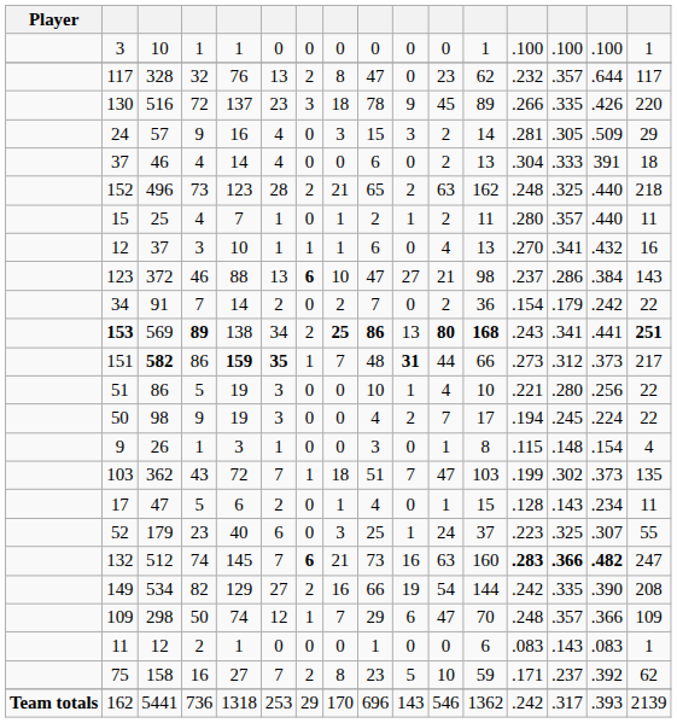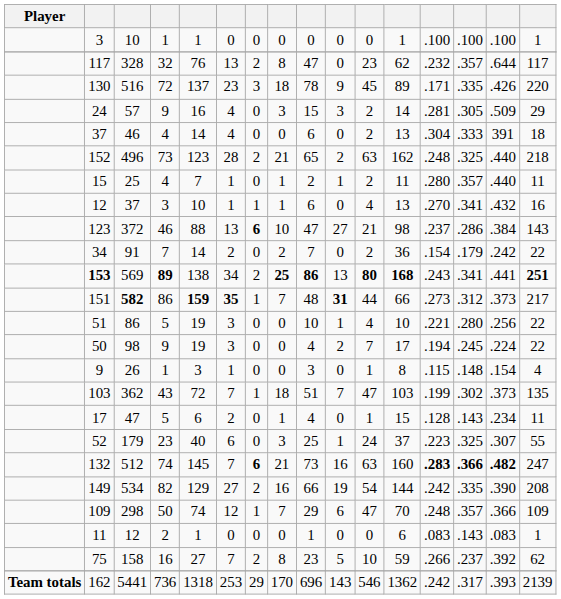 <table class="wikitable sortable" style="text-align:center;">
 <tr>
 <th>Player</th>
 <th></th>
 <th></th>
 <th></th>
 <th></th>
 <th></th>
 <th></th>
 <th></th>
 <th></th>
 <th></th>
 <th></th>
 <th></th>
 <th></th>
 <th></th>
 <th></th>
 <th></th>
 </tr>
 <tr>
 <td align=left></td>
 <td>3</td>
 <td>10</td>
 <td>1</td>
 <td>1</td>
 <td>0</td>
 <td>0</td>
 <td>0</td>
 <td>0</td>
 <td>0</td>
 <td>0</td>
 <td>1</td>
 <td>.100</td>
 <td>.100</td>
 <td>.100</td>
 <td>1</td>
 </tr>
 <tr>
 </tr>
 <tr>
 <td align=left></td>
 <td>117</td>
 <td>328</td>
 <td>32</td>
 <td>76</td>
 <td>13</td>
 <td>2</td>
 <td>8</td>
 <td>47</td>
 <td>0</td>
 <td>23</td>
 <td>62</td>
 <td>.232</td>
 <td>.357</td>
 <td>.644</td>
 <td>117</td>
 </tr>
 <tr>
 <td align=left></td>
 <td>130</td>
 <td>516</td>
 <td>72</td>
 <td>137</td>
 <td>23</td>
 <td>3</td>
 <td>18</td>
 <td>78</td>
 <td>9</td>
 <td>45</td>
 <td>89</td>
-<td>.266</td>
+<td>.171</td>
 <td>.335</td>
 <td>.426</td>
 <td>220</td>
 </tr>
 <tr>
 <td align=left></td>
 <td>24</td>
 <td>57</td>
 <td>9</td>
 <td>16</td>
 <td>4</td>
 <td>0</td>
 <td>3</td>
 <td>15</td>
 <td>3</td>
 <td>2</td>
 <td>14</td>
 <td>.281</td>
 <td>.305</td>
 <td>.509</td>
 <td>29</td>
 </tr>
 <tr>
 <td align=left></td>
 <td>37</td>
 <td>46</td>
 <td>4</td>
 <td>14</td>
 <td>4</td>
 <td>0</td>
 <td>0</td>
 <td>6</td>
 <td>0</td>
 <td>2</td>
 <td>13</td>
 <td>.304</td>
 <td>.333</td>
 <td>391</td>
 <td>18</td>
 </tr>
 <tr>
 <td align=left></td>
 <td>152</td>
 <td>496</td>
 <td>73</td>
 <td>123</td>
 <td>28</td>
 <td>2</td>
 <td>21</td>
 <td>65</td>
 <td>2</td>
 <td>63</td>
 <td>162</td>
 <td>.248</td>
 <td>.325</td>
 <td>.440</td>
 <td>218</td>
 </tr>
 <tr>
 <td align=left></td>
 <td>15</td>
 <td>25</td>
 <td>4</td>
 <td>7</td>
 <td>1</td>
 <td>0</td>
 <td>1</td>
 <td>2</td>
 <td>1</td>
 <td>2</td>
 <td>11</td>
 <td>.280</td>
 <td>.357</td>
 <td>.440</td>
 <td>11</td>
 </tr>
 <tr>
 <td align=left></td>
 <td>12</td>
 <td>37</td>
 <td>3</td>
 <td>10</td>
 <td>1</td>
 <td>1</td>
 <td>1</td>
 <td>6</td>
 <td>0</td>
 <td>4</td>
 <td>13</td>
 <td>.270</td>
 <td>.341</td>
 <td>.432</td>
 <td>16</td>
 </tr>
 <tr>
 <td align=left></td>
 <td>123</td>
 <td>372</td>
 <td>46</td>
 <td>88</td>
 <td>13</td>
 <td><strong>6</strong></td>
 <td>10</td>
 <td>47</td>
 <td>27</td>
 <td>21</td>
 <td>98</td>
 <td>.237</td>
 <td>.286</td>
 <td>.384</td>
 <td>143</td>
 </tr>
 <tr>
 <td align=left></td>
 <td>34</td>
 <td>91</td>
 <td>7</td>
 <td>14</td>
 <td>2</td>
 <td>0</td>
 <td>2</td>
 <td>7</td>
 <td>0</td>
 <td>2</td>
 <td>36</td>
 <td>.154</td>
 <td>.179</td>
 <td>.242</td>
 <td>22</td>
 </tr>
 <tr>
 <td align=left></td>
 <td><strong>153</strong></td>
 <td>569</td>
 <td><strong>89</strong></td>
 <td>138</td>
 <td>34</td>
 <td>2</td>
 <td><strong>25</strong></td>
 <td><strong>86</strong></td>
 <td>13</td>
 <td><strong>80</strong></td>
 <td><strong>168</strong></td>
 <td>.243</td>
 <td>.341</td>
 <td>.441</td>
 <td><strong>251</strong></td>
 </tr>
 <tr>
 <td align=left></td>
 <td>151</td>
 <td><strong>582</strong></td>
 <td>86</td>
 <td><strong>159</strong></td>
 <td><strong>35</strong></td>
 <td>1</td>
 <td>7</td>
 <td>48</td>
 <td><strong>31</strong></td>
 <td>44</td>
 <td>66</td>
 <td>.273</td>
 <td>.312</td>
 <td>.373</td>
 <td>217</td>
 </tr>
 <tr>
 <td align=left></td>
 <td>51</td>
 <td>86</td>
 <td>5</td>
 <td>19</td>
 <td>3</td>
 <td>0</td>
 <td>0</td>
 <td>10</td>
 <td>1</td>
 <td>4</td>
 <td>10</td>
 <td>.221</td>
 <td>.280</td>
 <td>.256</td>
 <td>22</td>
 </tr>
 <tr>
 <td align=left></td>
 <td>50</td>
 <td>98</td>
 <td>9</td>
 <td>19</td>
 <td>3</td>
 <td>0</td>
 <td>0</td>
 <td>4</td>
 <td>2</td>
 <td>7</td>
 <td>17</td>
 <td>.194</td>
 <td>.245</td>
 <td>.224</td>
 <td>22</td>
 </tr>
 <tr>
 <td align=left></td>
 <td>9</td>
 <td>26</td>
 <td>1</td>
 <td>3</td>
 <td>1</td>
 <td>0</td>
 <td>0</td>
 <td>3</td>
 <td>0</td>
 <td>1</td>
 <td>8</td>
 <td>.115</td>
 <td>.148</td>
 <td>.154</td>
 <td>4</td>
 </tr>
 <tr>
 <td align=left></td>
 <td>103</td>
 <td>362</td>
 <td>43</td>
 <td>72</td>
 <td>7</td>
 <td>1</td>
 <td>18</td>
 <td>51</td>
 <td>7</td>
 <td>47</td>
 <td>103</td>
 <td>.199</td>
 <td>.302</td>
 <td>.373</td>
 <td>135</td>
 </tr>
 <tr>
 <td align=left></td>
 <td>17</td>
 <td>47</td>
 <td>5</td>
 <td>6</td>
 <td>2</td>
 <td>0</td>
 <td>1</td>
 <td>4</td>
 <td>0</td>
 <td>1</td>
 <td>15</td>
 <td>.128</td>
 <td>.143</td>
 <td>.234</td>
 <td>11</td>
 </tr>
 <tr>
 <td align=left></td>
 <td>52</td>
 <td>179</td>
 <td>23</td>
 <td>40</td>
 <td>6</td>
 <td>0</td>
 <td>3</td>
 <td>25</td>
 <td>1</td>
 <td>24</td>
 <td>37</td>
 <td>.223</td>
 <td>.325</td>
 <td>.307</td>
 <td>55</td>
 </tr>
 <tr>
 <td align=left></td>
 <td>132</td>
 <td>512</td>
 <td>74</td>
 <td>145</td>
 <td>7</td>
 <td><strong>6</strong></td>
 <td>21</td>
 <td>73</td>
 <td>16</td>
 <td>63</td>
 <td>160</td>
 <td><strong>.283</strong></td>
 <td><strong>.366</strong></td>
 <td><strong>.482</strong></td>
 <td>247</td>
 </tr>
 <tr>
 <td align=left></td>
 <td>149</td>
 <td>534</td>
 <td>82</td>
 <td>129</td>
 <td>27</td>
 <td>2</td>
 <td>16</td>
 <td>66</td>
 <td>19</td>
 <td>54</td>
 <td>144</td>
 <td>.242</td>
 <td>.335</td>
 <td>.390</td>
 <td>208</td>
 </tr>
 <tr>
 <td align=left></td>
 <td>109</td>
 <td>298</td>
 <td>50</td>
 <td>74</td>
 <td>12</td>
 <td>1</td>
 <td>7</td>
 <td>29</td>
 <td>6</td>
 <td>47</td>
 <td>70</td>
 <td>.248</td>
 <td>.357</td>
 <td>.366</td>
 <td>109</td>
 </tr>
 <tr>
 <td align=left></td>
 <td>11</td>
 <td>12</td>
 <td>2</td>
 <td>1</td>
 <td>0</td>
 <td>0</td>
 <td>0</td>
 <td>1</td>
 <td>0</td>
 <td>0</td>
 <td>6</td>
 <td>.083</td>
 <td>.143</td>
 <td>.083</td>
 <td>1</td>
 </tr>
 <tr>
 <td align=left></td>
 <td>75</td>
 <td>158</td>
 <td>16</td>
 <td>27</td>
 <td>7</td>
 <td>2</td>
 <td>8</td>
 <td>23</td>
 <td>5</td>
 <td>10</td>
 <td>59</td>
-<td>.171</td>
+<td>.266</td>
 <td>.237</td>
 <td>.392</td>
 <td>62</td>
 </tr>
 <tr>
 </tr>
 <tr class="sortbottom">
 <td align="left"><strong>Team totals</strong></td>
 <td>162</td>
 <td>5441</td>
 <td>736</td>
 <td>1318</td>
 <td>253</td>
 <td>29</td>
 <td>170</td>
 <td>696</td>
 <td>143</td>
 <td>546</td>
 <td>1362</td>
 <td>.242</td>
 <td>.317</td>
 <td>.393</td>
 <td>2139</td>
 </tr>
 </table>
